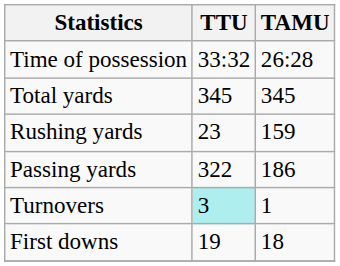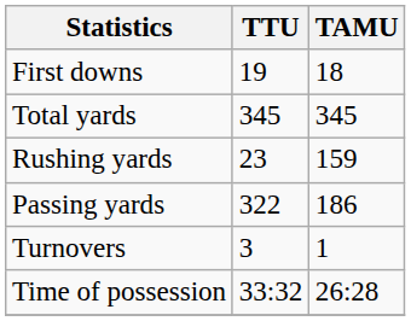 <table class="wikitable">
 <tr>
 <th>Statistics</th>
 <th>TTU</th>
 <th>TAMU</th>
 </tr>
 <tr>
-<td>Time of possession</td>
-<td>33:32</td>
-<td>26:28</td>
+<td>First downs</td>
+<td>19</td>
+<td>18</td>
 </tr>
 <tr>
 <td>Total yards</td>
 <td>345</td>
 <td>345</td>
 </tr>
 <tr>
 <td>Rushing yards</td>
 <td>23</td>
 <td>159</td>
 </tr>
 <tr>
 <td>Passing yards</td>
 <td>322</td>
 <td>186</td>
 </tr>
 <tr>
 <td>Turnovers</td>
-<td style="background: paleturquoise;">3</td>
+<td>3</td>
 <td>1</td>
 </tr>
 <tr>
-<td>First downs</td>
-<td>19</td>
-<td>18</td>
+<td>Time of possession</td>
+<td>33:32</td>
+<td>26:28</td>
 </tr>
 <tr>
 </tr>
 </table>
